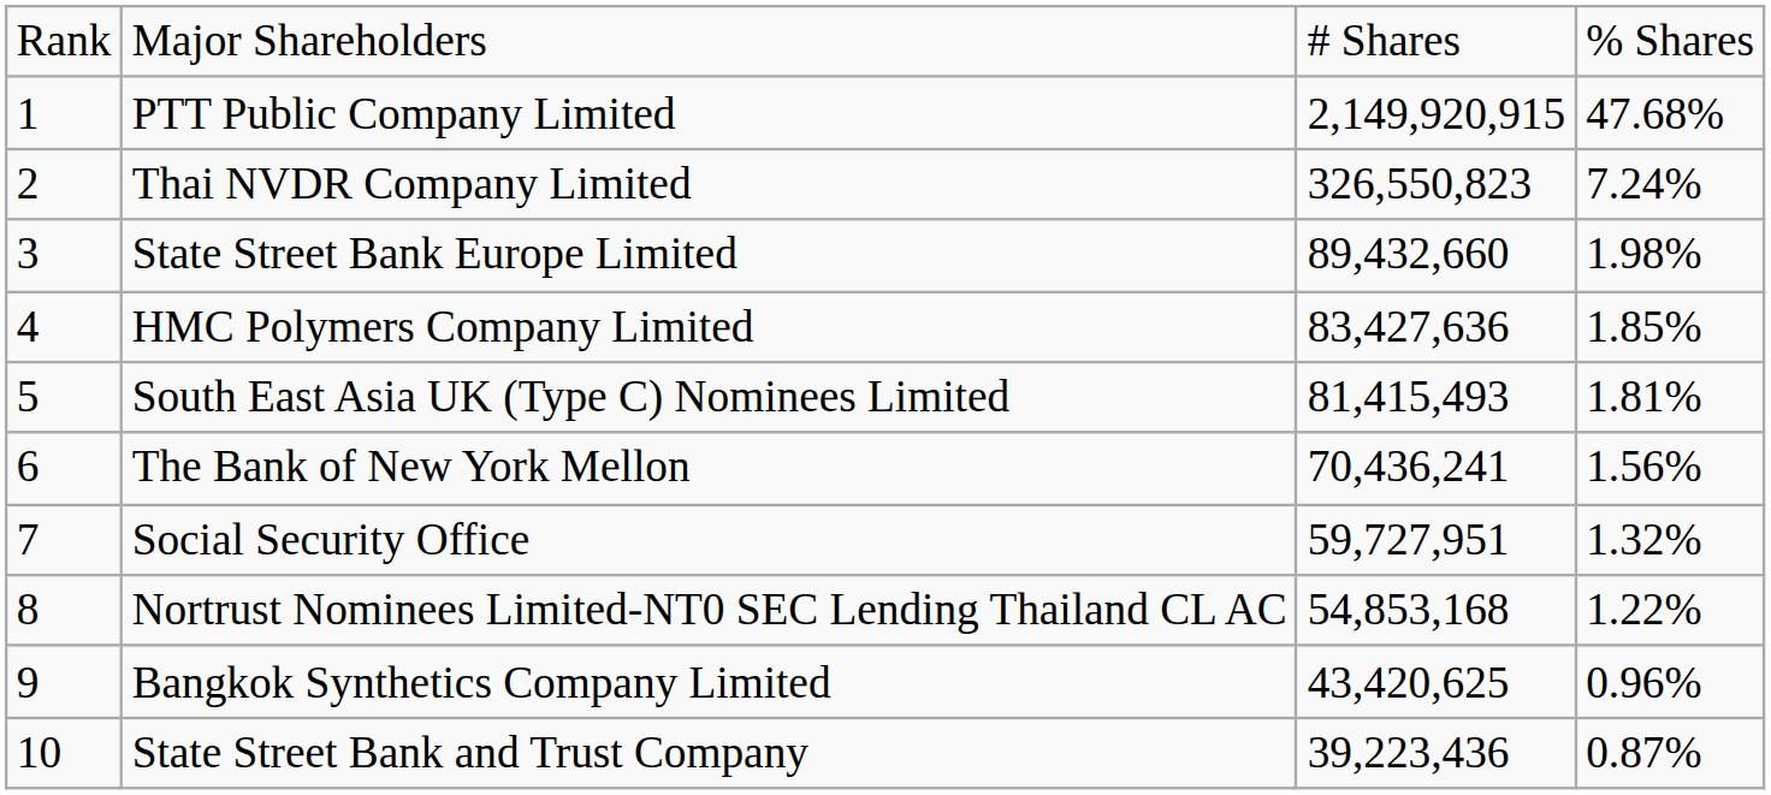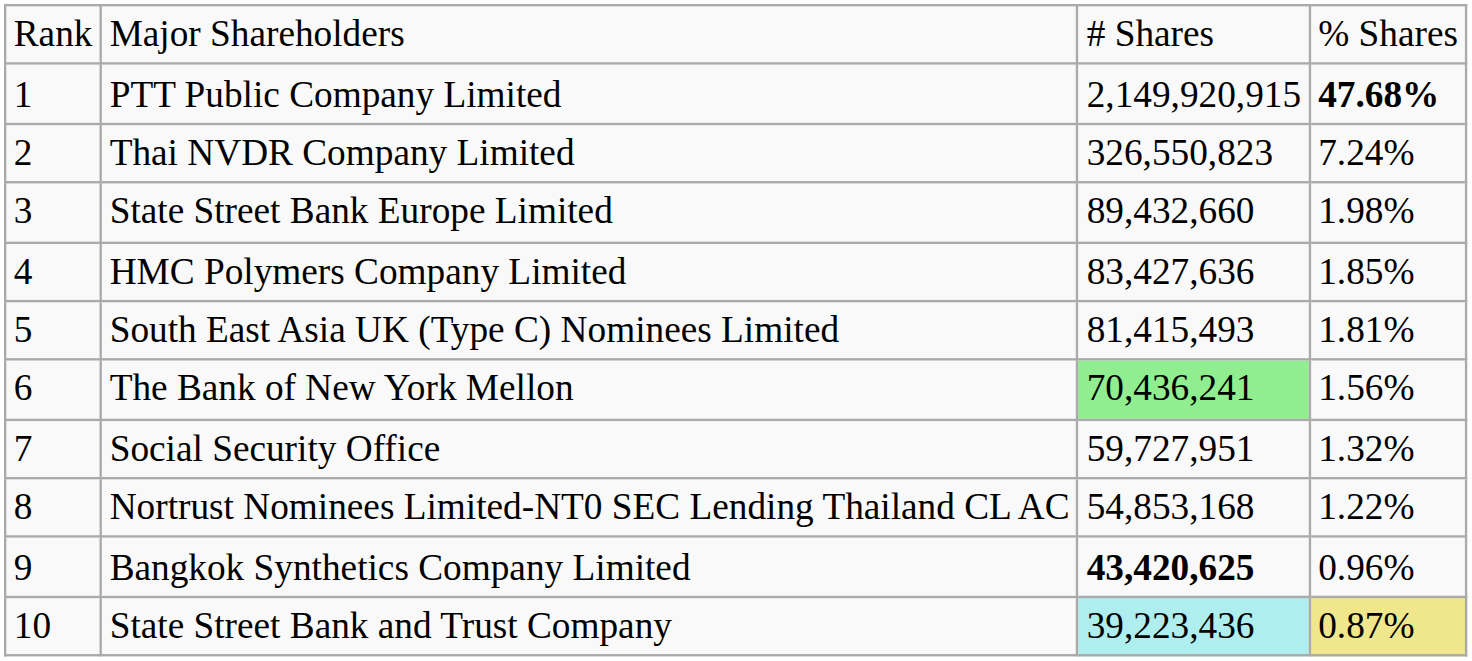 <table class="wikitable">
 <tr>
 <td>Rank</td>
 <td>Major Shareholders</td>
 <td># Shares</td>
 <td>% Shares</td>
 </tr>
 <tr>
 <td>1</td>
 <td>PTT Public Company Limited</td>
 <td>2,149,920,915</td>
-<td>47.68%</td>
+<td><strong>47.68%</strong></td>
 </tr>
 <tr>
 <td>2</td>
 <td>Thai NVDR Company Limited</td>
 <td>326,550,823</td>
 <td>7.24%</td>
 </tr>
 <tr>
 <td>3</td>
 <td>State Street Bank Europe Limited</td>
 <td>89,432,660</td>
 <td>1.98%</td>
 </tr>
 <tr>
 <td>4</td>
 <td>HMC Polymers Company Limited</td>
 <td>83,427,636</td>
 <td>1.85%</td>
 </tr>
 <tr>
 <td>5</td>
 <td>South East Asia UK (Type C) Nominees Limited</td>
 <td>81,415,493</td>
 <td>1.81%</td>
 </tr>
 <tr>
 <td>6</td>
 <td>The Bank of New York Mellon</td>
-<td>70,436,241</td>
+<td style="background: lightgreen;">70,436,241</td>
 <td>1.56%</td>
 </tr>
 <tr>
 <td>7</td>
 <td>Social Security Office</td>
 <td>59,727,951</td>
 <td>1.32%</td>
 </tr>
 <tr>
 <td>8</td>
 <td>Nortrust Nominees Limited-NT0 SEC Lending Thailand CL AC</td>
 <td>54,853,168</td>
 <td>1.22%</td>
 </tr>
 <tr>
 <td>9</td>
 <td>Bangkok Synthetics Company Limited</td>
-<td>43,420,625</td>
+<td><strong>43,420,625</strong></td>
 <td>0.96%</td>
 </tr>
 <tr>
 <td>10</td>
 <td>State Street Bank and Trust Company</td>
-<td>39,223,436</td>
-<td>0.87%</td>
+<td style="background: paleturquoise;">39,223,436</td>
+<td style="background: khaki;">0.87%</td>
 </tr>
 </table>
